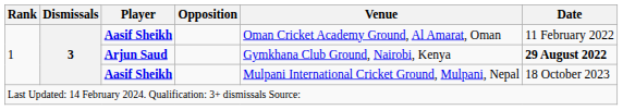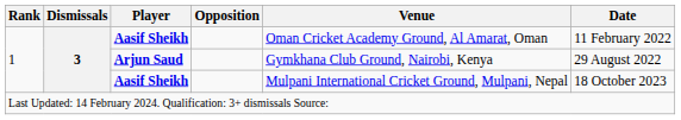 <table class="wikitable sortable">
 <tr>
 <th>Rank</th>
 <th>Dismissals</th>
 <th>Player</th>
 <th>Opposition</th>
 <th>Venue</th>
 <th>Date</th>
 </tr>
 <tr>
 <td rowspan="3">1</td>
 <th rowspan="3">3</th>
 <td><a href='#'><strong>Aasif Sheikh</strong></a></td>
 <td></td>
 <td><a href='#'>Oman Cricket Academy Ground</a>, <a href='#'>Al Amarat</a>, Oman</td>
 <td>11 February 2022</td>
 </tr>
 <tr>
 <td><strong><a href='#'>Arjun Saud</a></strong></td>
 <td></td>
 <td><a href='#'>Gymkhana Club Ground</a>, <a href='#'>Nairobi</a>, Kenya</td>
-<td><strong>29 August 2022</strong></td>
+<td>29 August 2022</td>
 </tr>
 <tr>
 <td><a href='#'><strong>Aasif Sheikh</strong></a></td>
 <td></td>
 <td><a href='#'>Mulpani International Cricket Ground</a>, <a href='#'>Mulpani</a>, Nepal</td>
 <td>18 October 2023</td>
 </tr>
 <tr>
 <td colspan="6"><small>Last Updated: 14 February 2024. Qualification: 3+ dismissals Source:</small></td>
 </tr>
 </table>
